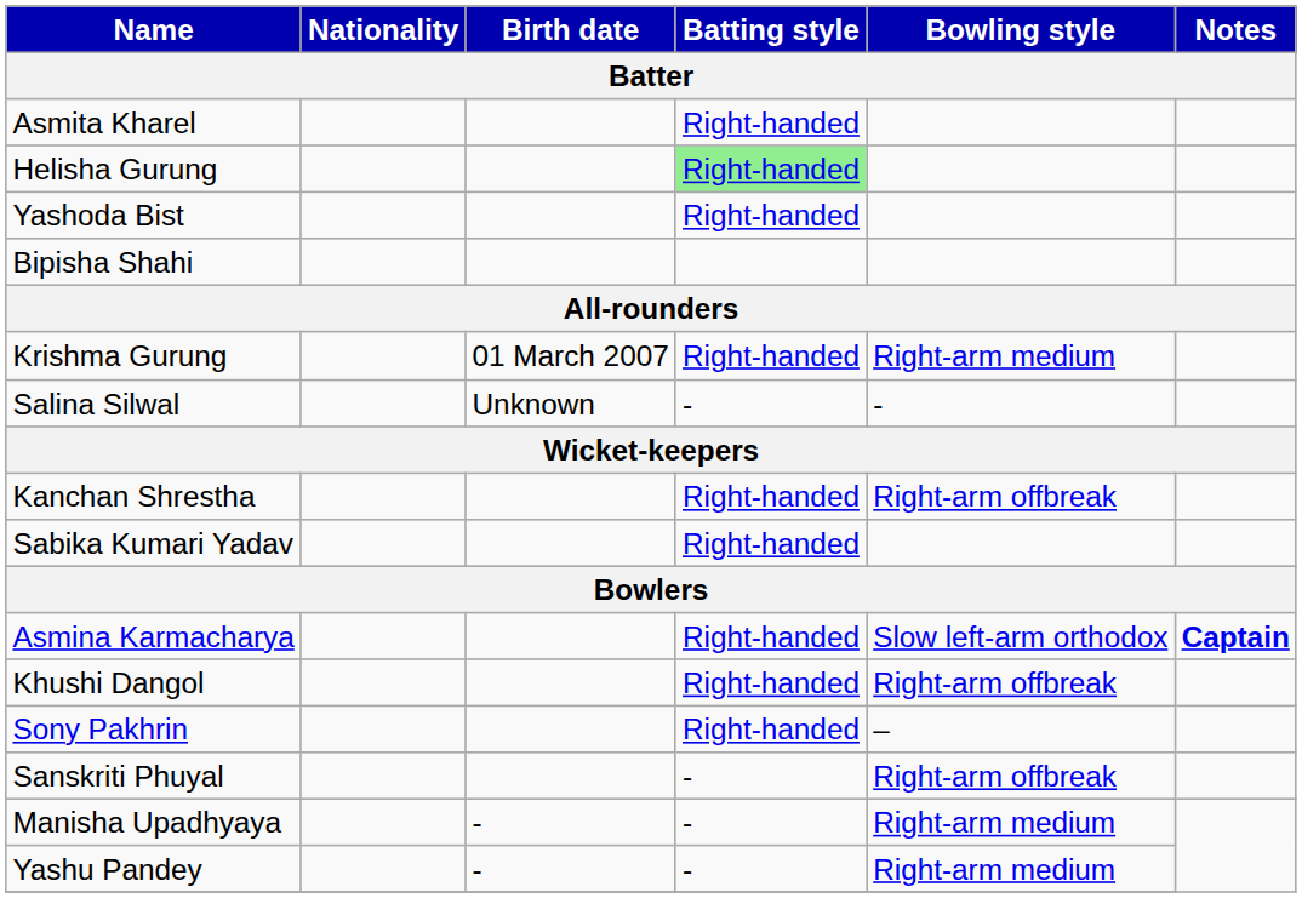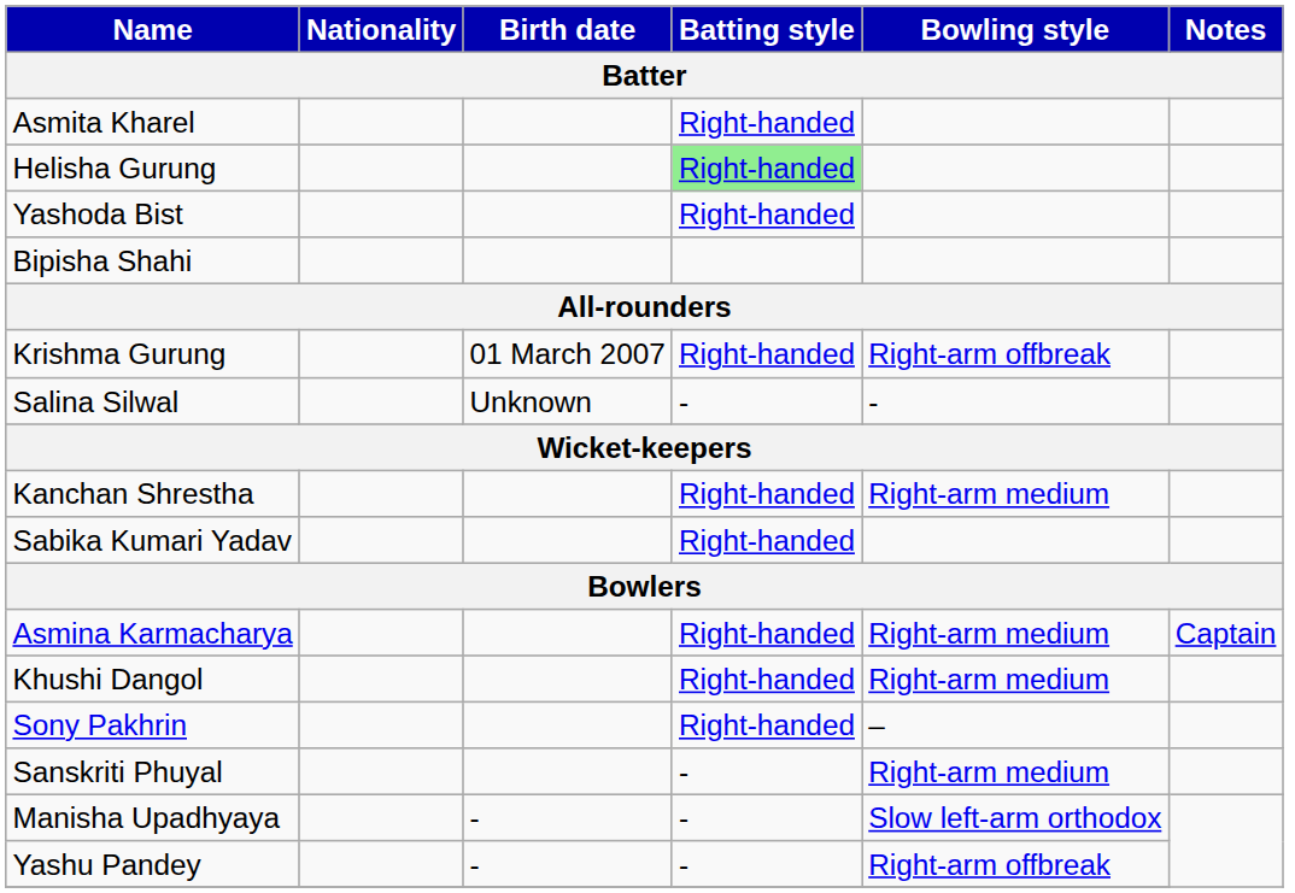 <table class="wikitable" style="font-size:95%;">
 <tr>
 <th style="background:#0000AF; color:white; text-align:centre;">Name</th>
 <th style="background:#0000AF; color:white; text-align:centre;">Nationality</th>
 <th style="background:#0000AF; color:white; text-align:centre;">Birth date</th>
 <th style="background:#0000AF; color:white; text-align:centre;">Batting style</th>
 <th style="background:#0000AF; color:white; text-align:centre;">Bowling style</th>
 <th style="background:#0000AF; color:white; text-align:centre;">Notes</th>
 </tr>
 <tr>
 <th colspan="6">Batter</th>
 </tr>
 <tr>
 <td>Asmita Kharel</td>
 <td></td>
 <td></td>
 <td><a href='#'>Right-handed</a></td>
 <td></td>
 <td></td>
 </tr>
 <tr>
 <td>Helisha Gurung</td>
 <td></td>
 <td></td>
 <td style="background: lightgreen;"><a href='#'>Right-handed</a></td>
 <td></td>
 <td></td>
 </tr>
 <tr>
 <td>Yashoda Bist</td>
 <td></td>
 <td></td>
 <td><a href='#'>Right-handed</a></td>
 <td></td>
 <td></td>
 </tr>
 <tr>
 <td>Bipisha Shahi</td>
 <td></td>
 <td></td>
 <td></td>
 <td></td>
 <td></td>
 </tr>
 <tr>
 <th colspan="6">All-rounders</th>
 </tr>
 <tr>
 <td>Krishma Gurung</td>
 <td></td>
 <td>01 March 2007</td>
 <td><a href='#'>Right-handed</a></td>
-<td><a href='#'>Right-arm medium</a></td>
+<td><a href='#'>Right-arm offbreak</a></td>
 <td></td>
 </tr>
 <tr>
 <td>Salina Silwal</td>
 <td></td>
 <td>Unknown</td>
 <td>-</td>
 <td>-</td>
 <td></td>
 </tr>
 <tr>
 <th colspan="6">Wicket-keepers</th>
 </tr>
 <tr>
 <td>Kanchan Shrestha</td>
 <td></td>
 <td></td>
 <td><a href='#'>Right-handed</a></td>
-<td><a href='#'>Right-arm offbreak</a></td>
+<td><a href='#'>Right-arm medium</a></td>
 <td></td>
 </tr>
 <tr>
 <td>Sabika Kumari Yadav</td>
 <td></td>
 <td></td>
 <td><a href='#'>Right-handed</a></td>
 <td></td>
 <td></td>
 </tr>
 <tr>
 <th colspan="6">Bowlers</th>
 </tr>
 <tr>
 <td><a href='#'>Asmina Karmacharya</a></td>
 <td></td>
 <td></td>
 <td><a href='#'>Right-handed</a></td>
-<td><a href='#'>Slow left-arm orthodox</a></td>
-<td><strong><a href='#'>Captain</a></strong></td>
+<td><a href='#'>Right-arm medium</a></td>
+<td><a href='#'>Captain</a></td>
 </tr>
 <tr>
 <td>Khushi Dangol</td>
 <td></td>
 <td></td>
 <td><a href='#'>Right-handed</a></td>
-<td><a href='#'>Right-arm offbreak</a></td>
+<td><a href='#'>Right-arm medium</a></td>
 <td></td>
 </tr>
 <tr>
 <td><a href='#'>Sony Pakhrin</a></td>
 <td></td>
 <td></td>
 <td><a href='#'>Right-handed</a></td>
 <td>–</td>
 <td></td>
 </tr>
 <tr>
 <td>Sanskriti Phuyal</td>
 <td></td>
 <td></td>
 <td>-</td>
-<td><a href='#'>Right-arm offbreak</a></td>
+<td><a href='#'>Right-arm medium</a></td>
 <td></td>
 </tr>
 <tr>
 <td>Manisha Upadhyaya</td>
 <td></td>
 <td>-</td>
 <td>-</td>
-<td><a href='#'>Right-arm medium</a></td>
+<td><a href='#'>Slow left-arm orthodox</a></td>
 </tr>
 <tr>
 <td>Yashu Pandey</td>
 <td></td>
 <td>-</td>
 <td>-</td>
-<td><a href='#'>Right-arm medium</a></td>
+<td><a href='#'>Right-arm offbreak</a></td>
 </tr>
 <tr>
 </tr>
 </table>
